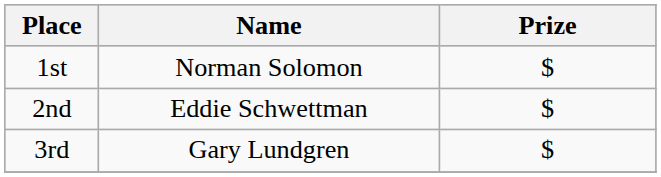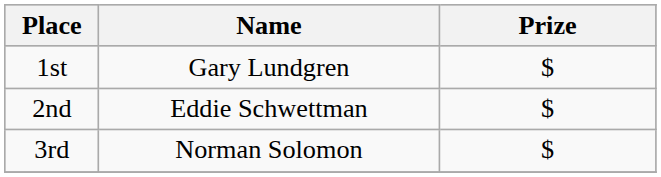 <table class="wikitable">
 <tr>
 <th width="50">Place</th>
 <th width="200">Name</th>
 <th width="125">Prize</th>
 </tr>
 <tr>
 <td align = "center">1st</td>
-<td align = "center">Norman Solomon</td>
+<td align = "center">Gary Lundgren</td>
 <td align = "center">$</td>
 </tr>
 <tr>
 <td align = "center">2nd</td>
 <td align = "center">Eddie Schwettman</td>
 <td align = "center">$</td>
 </tr>
 <tr>
 <td align = "center">3rd</td>
-<td align = "center">Gary Lundgren</td>
+<td align = "center">Norman Solomon</td>
 <td align = "center">$</td>
 </tr>
 <tr>
 </tr>
 </table>
